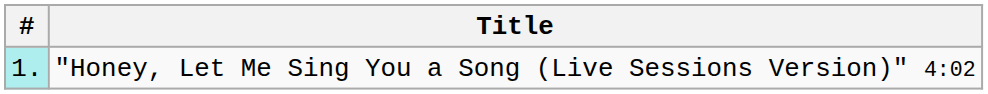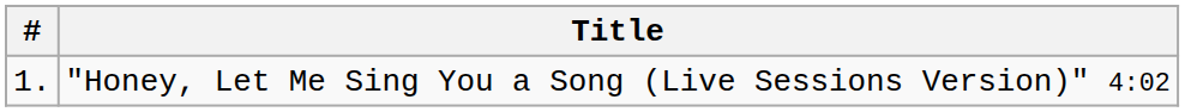 <table class="wikitable">
 <tr>
 <th>#</th>
 <th>Title</th>
 </tr>
 <tr>
-<td style="background: paleturquoise;">1.</td>
+<td>1.</td>
 <td>"Honey, Let Me Sing You a Song (Live Sessions Version)" <small>4:02</small></td>
 </tr>
 </table>
